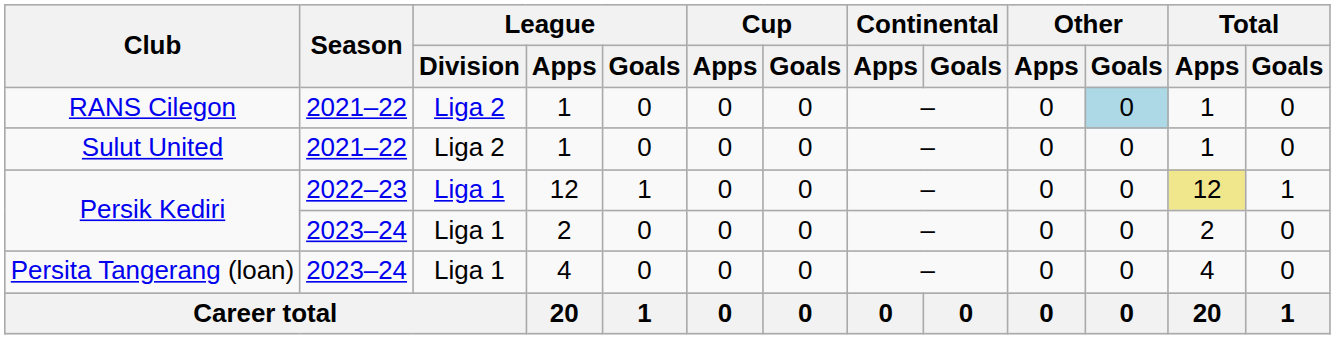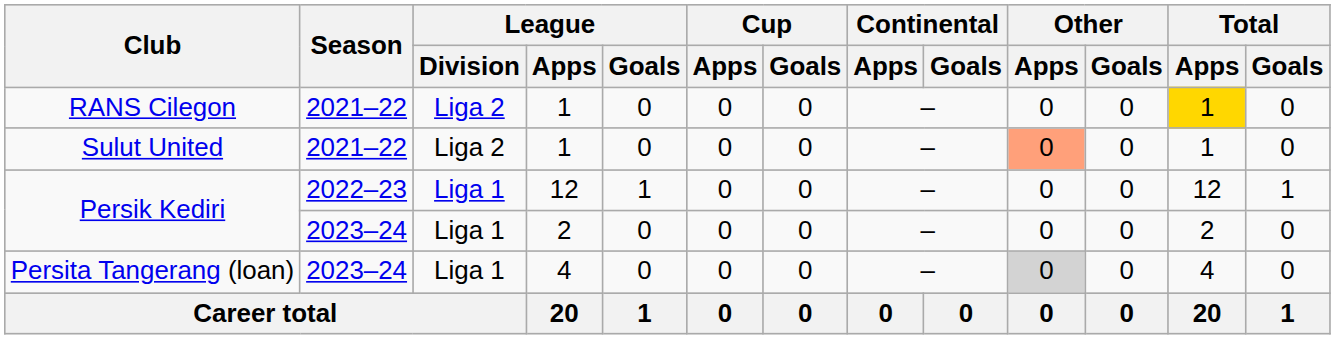 <table class="wikitable" style="text-align: center">
 <tr>
 <th rowspan="2">Club</th>
 <th rowspan="2">Season</th>
 <th colspan="3">League</th>
 <th colspan="2">Cup</th>
 <th colspan="2">Continental</th>
 <th colspan="2">Other</th>
 <th colspan="2">Total</th>
 </tr>
 <tr>
 <th>Division</th>
 <th>Apps</th>
 <th>Goals</th>
 <th>Apps</th>
 <th>Goals</th>
 <th>Apps</th>
 <th>Goals</th>
 <th>Apps</th>
 <th>Goals</th>
 <th>Apps</th>
 <th>Goals</th>
 </tr>
 <tr>
 <td rowspan="1"><a href='#'>RANS Cilegon</a></td>
 <td><a href='#'>2021–22</a></td>
 <td rowspan="1" valign="center"><a href='#'>Liga 2</a></td>
 <td>1</td>
 <td>0</td>
 <td>0</td>
 <td>0</td>
 <td colspan="2">–</td>
 <td>0</td>
-<td style="background: lightblue;">0</td>
-<td>1</td>
+<td>0</td>
+<td style="background: gold;">1</td>
 <td>0</td>
 </tr>
 <tr>
 <td rowspan="1"><a href='#'>Sulut United</a></td>
 <td><a href='#'>2021–22</a></td>
 <td rowspan="1" valign="center">Liga 2</td>
 <td>1</td>
 <td>0</td>
 <td>0</td>
 <td>0</td>
 <td colspan="2">–</td>
-<td>0</td>
+<td style="background: lightsalmon;">0</td>
 <td>0</td>
 <td>1</td>
 <td>0</td>
 </tr>
 <tr>
 <td rowspan="2"><a href='#'>Persik Kediri</a></td>
 <td><a href='#'>2022–23</a></td>
 <td rowspan="1" valign="center"><a href='#'>Liga 1</a></td>
 <td>12</td>
 <td>1</td>
 <td>0</td>
 <td>0</td>
 <td colspan="2">–</td>
 <td>0</td>
 <td>0</td>
-<td style="background: khaki;">12</td>
+<td>12</td>
 <td>1</td>
 </tr>
 <tr>
 <td><a href='#'>2023–24</a></td>
 <td rowspan="1">Liga 1</td>
 <td>2</td>
 <td>0</td>
 <td>0</td>
 <td>0</td>
 <td colspan="2">–</td>
 <td>0</td>
 <td>0</td>
 <td>2</td>
 <td>0</td>
 </tr>
 <tr>
 <td rowspan="1"><a href='#'>Persita Tangerang</a> (loan)</td>
 <td><a href='#'>2023–24</a></td>
 <td rowspan="1" valign="center">Liga 1</td>
 <td>4</td>
 <td>0</td>
 <td>0</td>
 <td>0</td>
 <td colspan="2">–</td>
-<td>0</td>
+<td style="background: lightgrey;">0</td>
 <td>0</td>
 <td>4</td>
 <td>0</td>
 </tr>
 <tr>
 <th colspan=3>Career total</th>
 <th>20</th>
 <th>1</th>
 <th>0</th>
 <th>0</th>
 <th>0</th>
 <th>0</th>
 <th>0</th>
 <th>0</th>
 <th>20</th>
 <th>1</th>
 </tr>
 </table>
